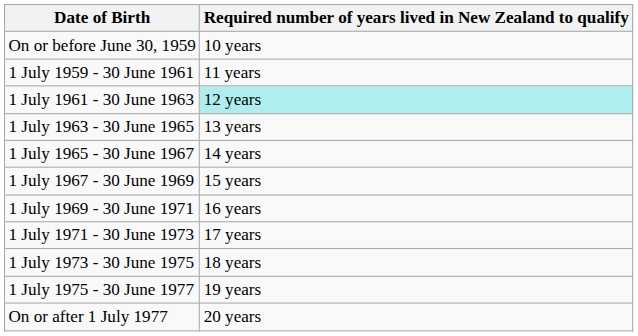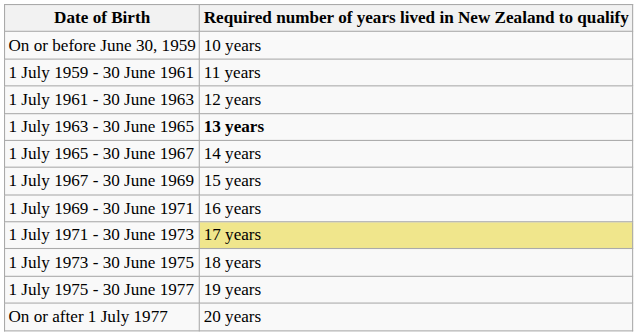 <table class="wikitable">
 <tr>
 <th>Date of Birth</th>
 <th>Required number of years lived in New Zealand to qualify</th>
 </tr>
 <tr>
 <td>On or before June 30, 1959</td>
 <td>10 years</td>
 </tr>
 <tr>
 <td>1 July 1959 - 30 June 1961</td>
 <td>11 years</td>
 </tr>
 <tr>
 <td>1 July 1961 - 30 June 1963</td>
-<td style="background: paleturquoise;">12 years</td>
+<td>12 years</td>
 </tr>
 <tr>
 <td>1 July 1963 - 30 June 1965</td>
-<td>13 years</td>
+<td><strong>13 years</strong></td>
 </tr>
 <tr>
 <td>1 July 1965 - 30 June 1967</td>
 <td>14 years</td>
 </tr>
 <tr>
 <td>1 July 1967 - 30 June 1969</td>
 <td>15 years</td>
 </tr>
 <tr>
 <td>1 July 1969 - 30 June 1971</td>
 <td>16 years</td>
 </tr>
 <tr>
 <td>1 July 1971 - 30 June 1973</td>
-<td>17 years</td>
+<td style="background: khaki;">17 years</td>
 </tr>
 <tr>
 <td>1 July 1973 - 30 June 1975</td>
 <td>18 years</td>
 </tr>
 <tr>
 <td>1 July 1975 - 30 June 1977</td>
 <td>19 years</td>
 </tr>
 <tr>
 <td>On or after 1 July 1977</td>
 <td>20 years</td>
 </tr>
 </table>
